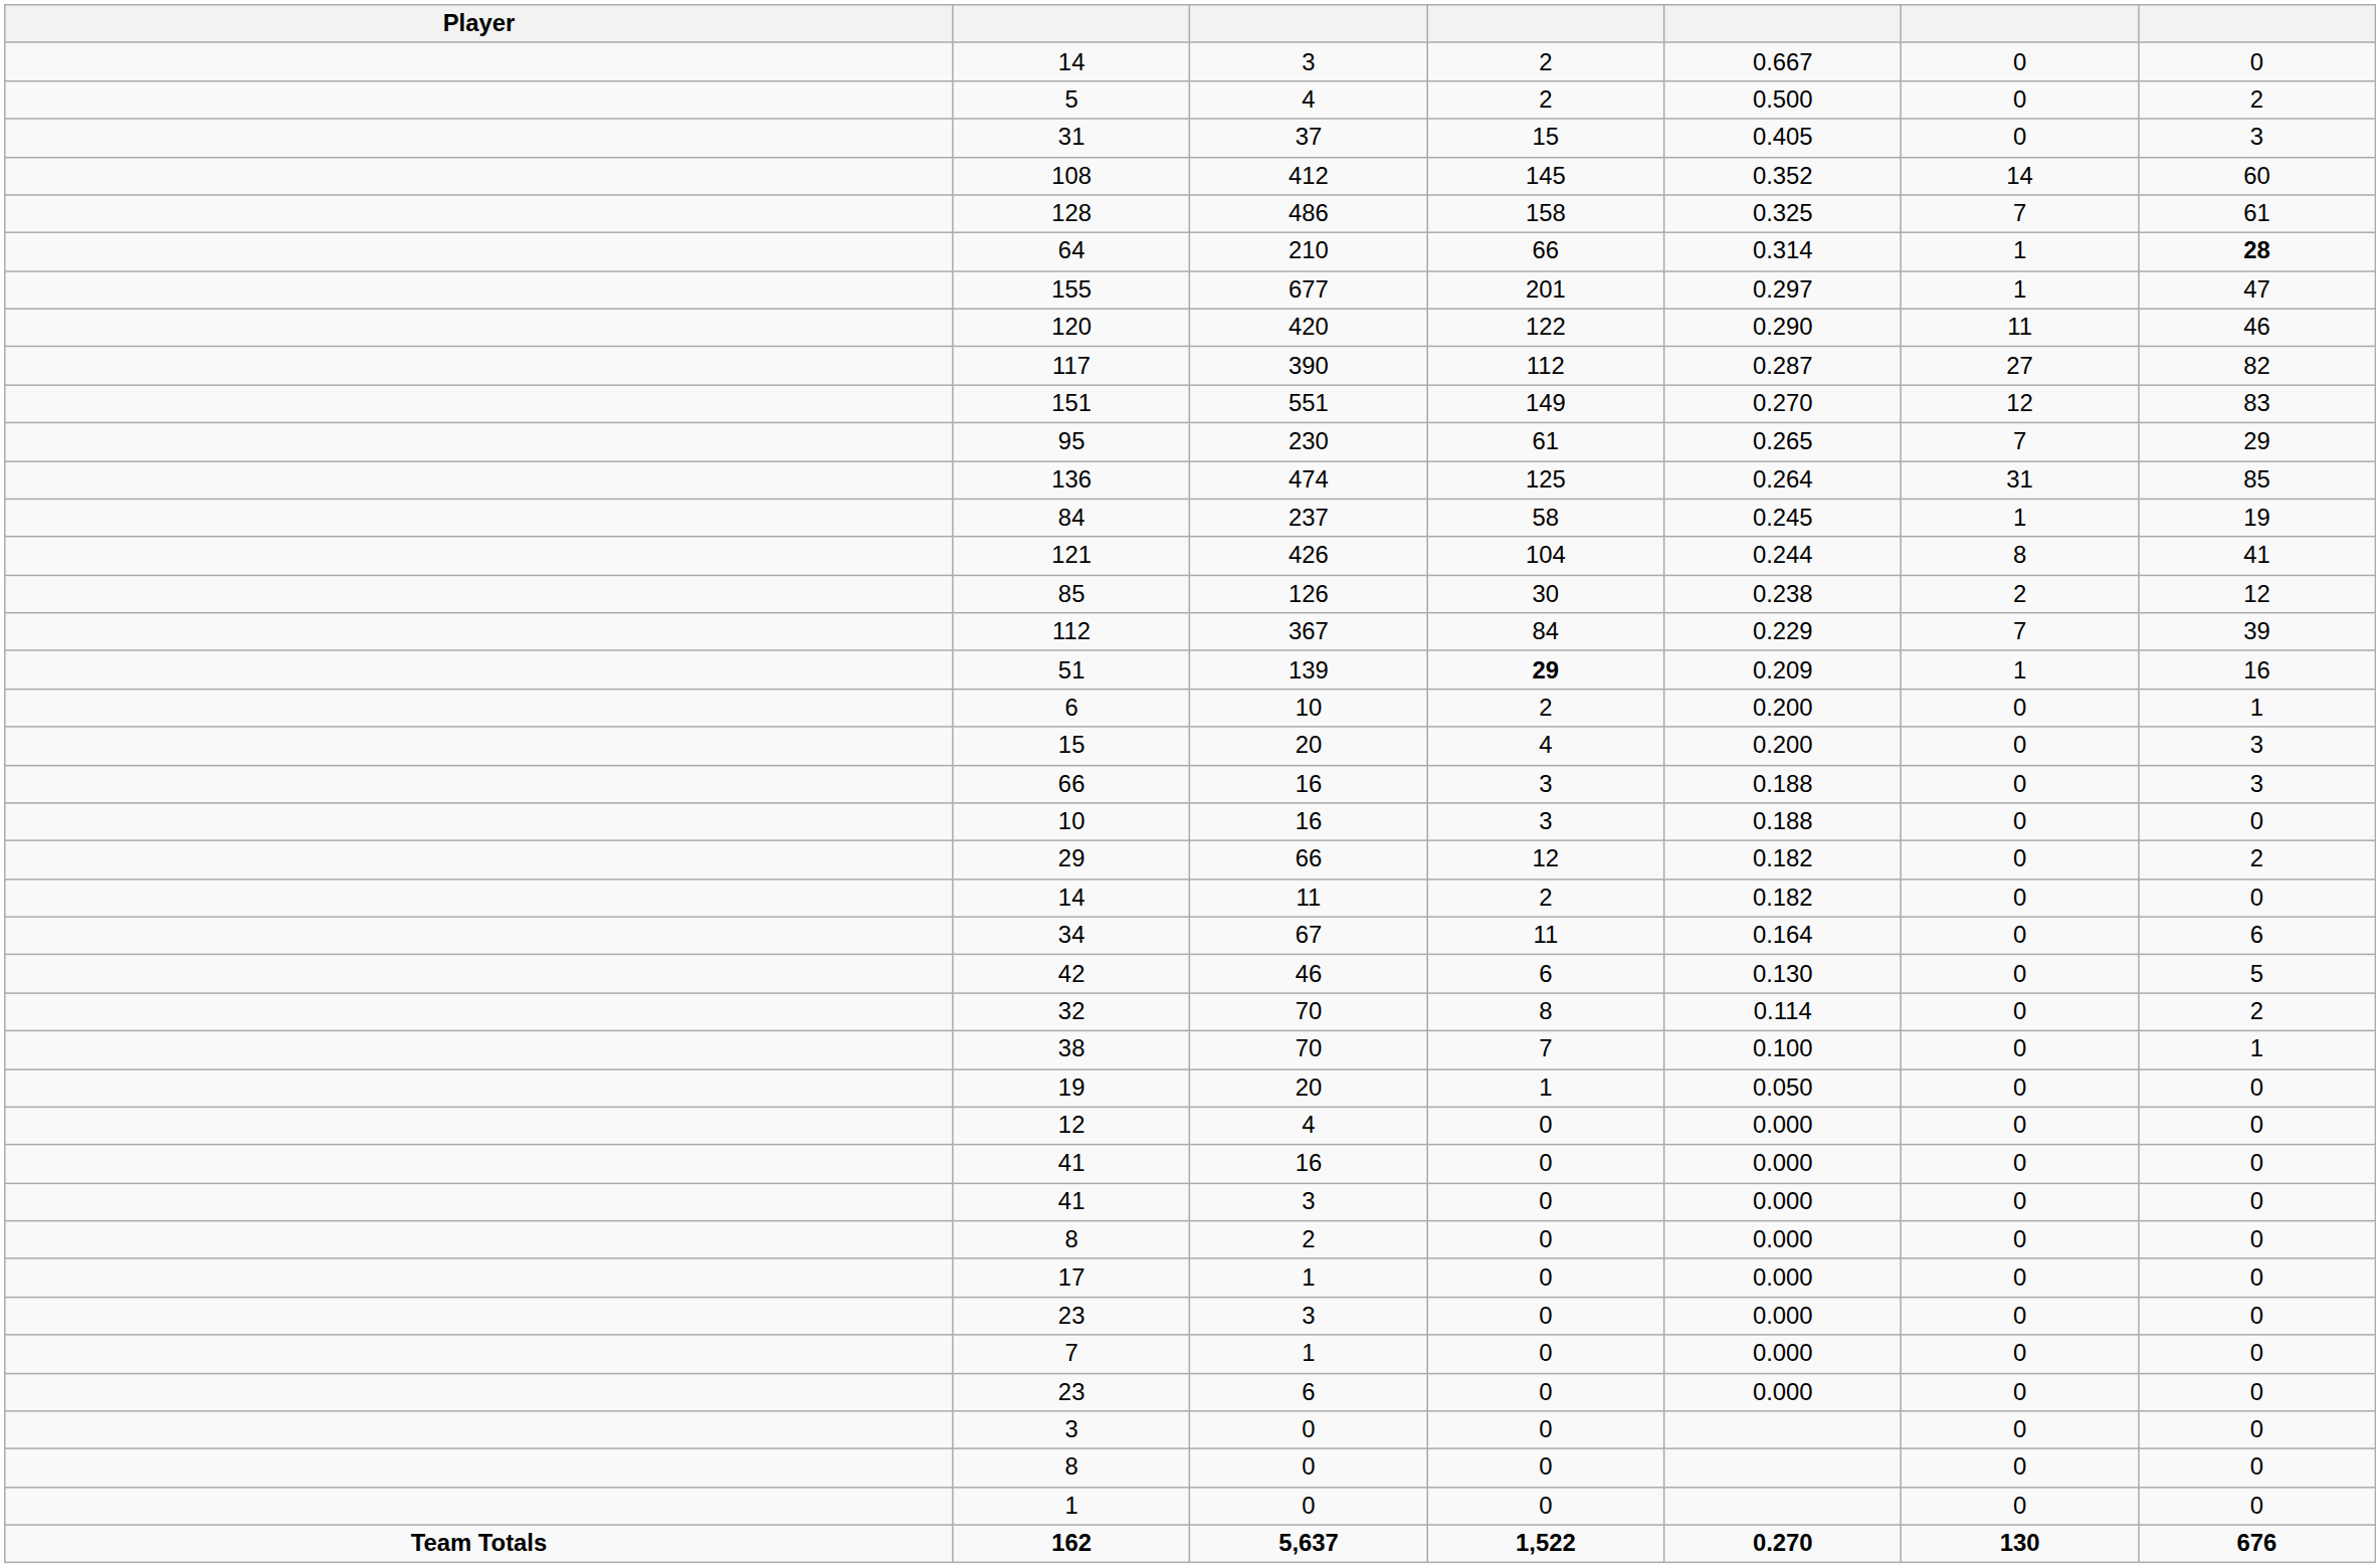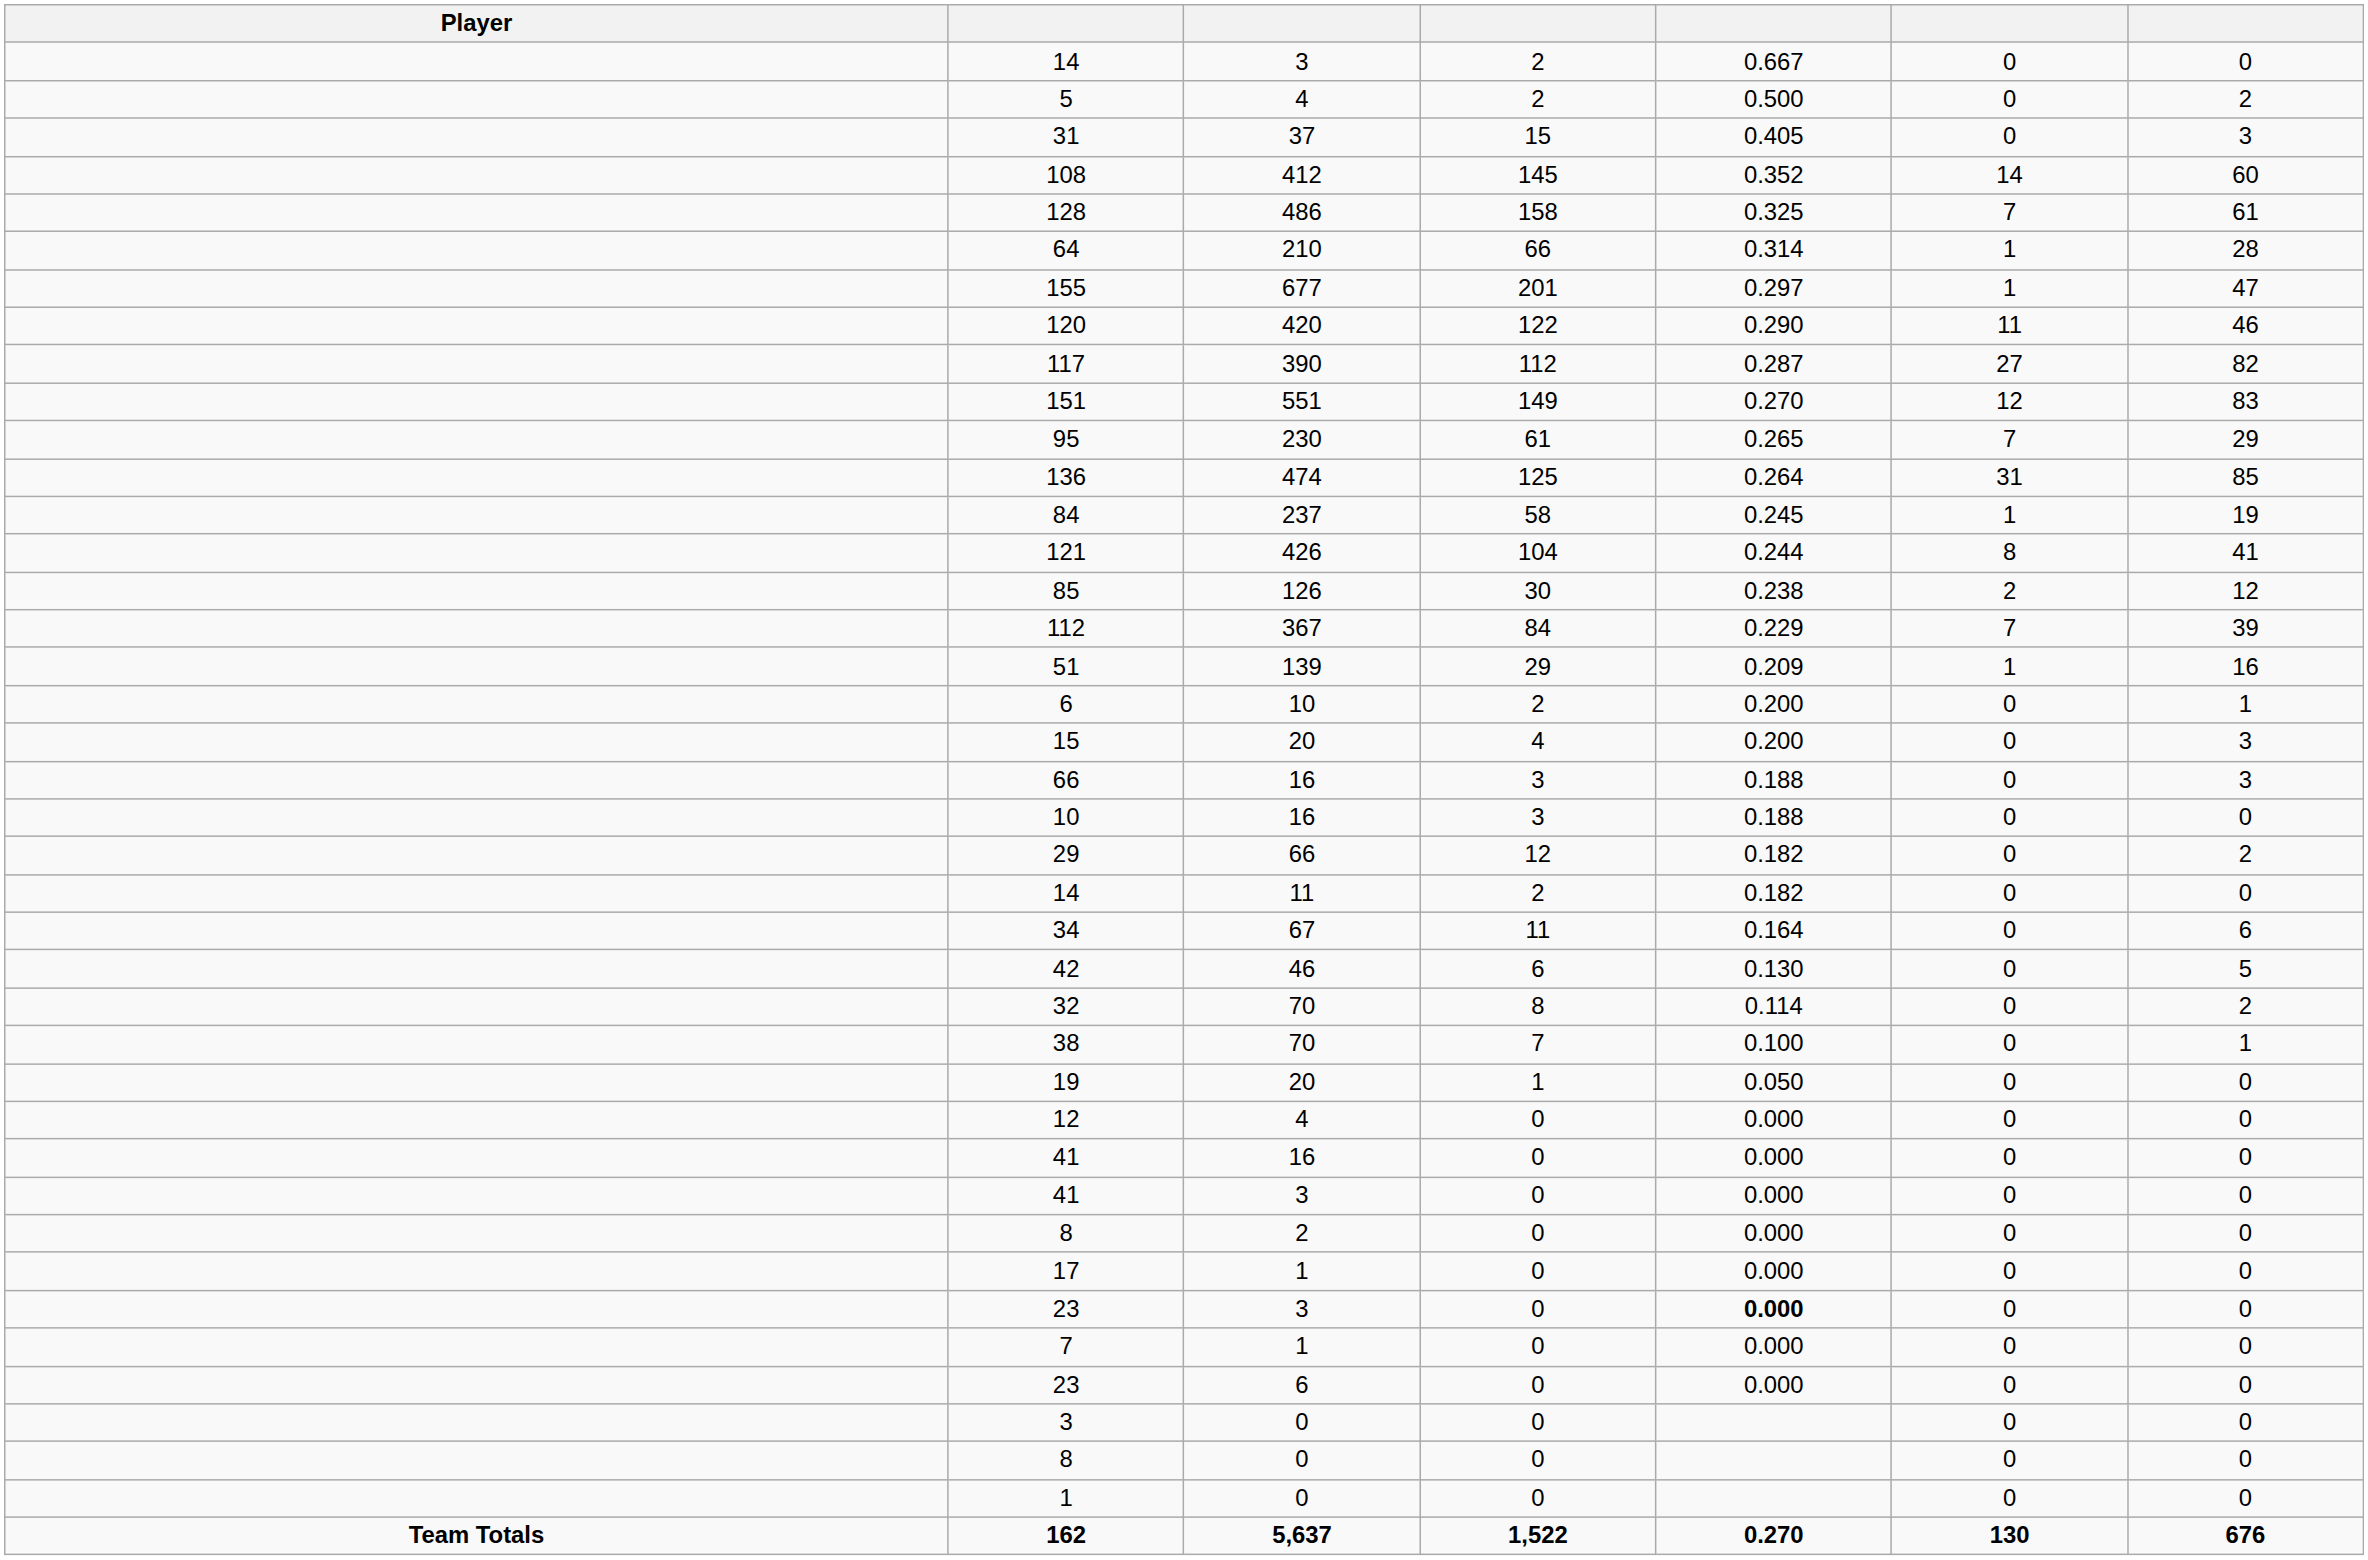 <table class="wikitable sortable" style="text-align:center;" width="100%">
 <tr>
 <th width="40%">Player</th>
 <th width="10%"></th>
 <th width="10%"></th>
 <th width="10%"></th>
 <th width="10%"></th>
 <th width="10%"></th>
 <th width="10%"></th>
 </tr>
 <tr>
 <td></td>
 <td>14</td>
 <td>3</td>
 <td>2</td>
 <td>0.667</td>
 <td>0</td>
 <td>0</td>
 </tr>
 <tr>
 <td></td>
 <td>5</td>
 <td>4</td>
 <td>2</td>
 <td>0.500</td>
 <td>0</td>
 <td>2</td>
 </tr>
 <tr>
 <td></td>
 <td>31</td>
 <td>37</td>
 <td>15</td>
 <td>0.405</td>
 <td>0</td>
 <td>3</td>
 </tr>
 <tr>
 <td></td>
 <td>108</td>
 <td>412</td>
 <td>145</td>
 <td>0.352</td>
 <td>14</td>
 <td>60</td>
 </tr>
 <tr>
 <td></td>
 <td>128</td>
 <td>486</td>
 <td>158</td>
 <td>0.325</td>
 <td>7</td>
 <td>61</td>
 </tr>
 <tr>
 <td></td>
 <td>64</td>
 <td>210</td>
 <td>66</td>
 <td>0.314</td>
 <td>1</td>
-<td><strong>28</strong></td>
+<td>28</td>
 </tr>
 <tr>
 <td></td>
 <td>155</td>
 <td>677</td>
 <td>201</td>
 <td>0.297</td>
 <td>1</td>
 <td>47</td>
 </tr>
 <tr>
 <td></td>
 <td>120</td>
 <td>420</td>
 <td>122</td>
 <td>0.290</td>
 <td>11</td>
 <td>46</td>
 </tr>
 <tr>
 <td></td>
 <td>117</td>
 <td>390</td>
 <td>112</td>
 <td>0.287</td>
 <td>27</td>
 <td>82</td>
 </tr>
 <tr>
 <td></td>
 <td>151</td>
 <td>551</td>
 <td>149</td>
 <td>0.270</td>
 <td>12</td>
 <td>83</td>
 </tr>
 <tr>
 <td></td>
 <td>95</td>
 <td>230</td>
 <td>61</td>
 <td>0.265</td>
 <td>7</td>
 <td>29</td>
 </tr>
 <tr>
 <td></td>
 <td>136</td>
 <td>474</td>
 <td>125</td>
 <td>0.264</td>
 <td>31</td>
 <td>85</td>
 </tr>
 <tr>
 <td></td>
 <td>84</td>
 <td>237</td>
 <td>58</td>
 <td>0.245</td>
 <td>1</td>
 <td>19</td>
 </tr>
 <tr>
 <td></td>
 <td>121</td>
 <td>426</td>
 <td>104</td>
 <td>0.244</td>
 <td>8</td>
 <td>41</td>
 </tr>
 <tr>
 <td></td>
 <td>85</td>
 <td>126</td>
 <td>30</td>
 <td>0.238</td>
 <td>2</td>
 <td>12</td>
 </tr>
 <tr>
 <td></td>
 <td>112</td>
 <td>367</td>
 <td>84</td>
 <td>0.229</td>
 <td>7</td>
 <td>39</td>
 </tr>
 <tr>
 <td></td>
 <td>51</td>
 <td>139</td>
-<td><strong>29</strong></td>
+<td>29</td>
 <td>0.209</td>
 <td>1</td>
 <td>16</td>
 </tr>
 <tr>
 <td></td>
 <td>6</td>
 <td>10</td>
 <td>2</td>
 <td>0.200</td>
 <td>0</td>
 <td>1</td>
 </tr>
 <tr>
 <td></td>
 <td>15</td>
 <td>20</td>
 <td>4</td>
 <td>0.200</td>
 <td>0</td>
 <td>3</td>
 </tr>
 <tr>
 <td></td>
 <td>66</td>
 <td>16</td>
 <td>3</td>
 <td>0.188</td>
 <td>0</td>
 <td>3</td>
 </tr>
 <tr>
 <td></td>
 <td>10</td>
 <td>16</td>
 <td>3</td>
 <td>0.188</td>
 <td>0</td>
 <td>0</td>
 </tr>
 <tr>
 <td></td>
 <td>29</td>
 <td>66</td>
 <td>12</td>
 <td>0.182</td>
 <td>0</td>
 <td>2</td>
 </tr>
 <tr>
 <td></td>
 <td>14</td>
 <td>11</td>
 <td>2</td>
 <td>0.182</td>
 <td>0</td>
 <td>0</td>
 </tr>
 <tr>
 <td></td>
 <td>34</td>
 <td>67</td>
 <td>11</td>
 <td>0.164</td>
 <td>0</td>
 <td>6</td>
 </tr>
 <tr>
 <td></td>
 <td>42</td>
 <td>46</td>
 <td>6</td>
 <td>0.130</td>
 <td>0</td>
 <td>5</td>
 </tr>
 <tr>
 <td></td>
 <td>32</td>
 <td>70</td>
 <td>8</td>
 <td>0.114</td>
 <td>0</td>
 <td>2</td>
 </tr>
 <tr>
 <td></td>
 <td>38</td>
 <td>70</td>
 <td>7</td>
 <td>0.100</td>
 <td>0</td>
 <td>1</td>
 </tr>
 <tr>
 <td></td>
 <td>19</td>
 <td>20</td>
 <td>1</td>
 <td>0.050</td>
 <td>0</td>
 <td>0</td>
 </tr>
 <tr>
 <td></td>
 <td>12</td>
 <td>4</td>
 <td>0</td>
 <td>0.000</td>
 <td>0</td>
 <td>0</td>
 </tr>
 <tr>
 <td></td>
 <td>41</td>
 <td>16</td>
 <td>0</td>
 <td>0.000</td>
 <td>0</td>
 <td>0</td>
 </tr>
 <tr>
 <td></td>
 <td>41</td>
 <td>3</td>
 <td>0</td>
 <td>0.000</td>
 <td>0</td>
 <td>0</td>
 </tr>
 <tr>
 <td></td>
 <td>8</td>
 <td>2</td>
 <td>0</td>
 <td>0.000</td>
 <td>0</td>
 <td>0</td>
 </tr>
 <tr>
 <td></td>
 <td>17</td>
 <td>1</td>
 <td>0</td>
 <td>0.000</td>
 <td>0</td>
 <td>0</td>
 </tr>
 <tr>
 <td></td>
 <td>23</td>
 <td>3</td>
 <td>0</td>
-<td>0.000</td>
+<td><strong>0.000</strong></td>
 <td>0</td>
 <td>0</td>
 </tr>
 <tr>
 <td></td>
 <td>7</td>
 <td>1</td>
 <td>0</td>
 <td>0.000</td>
 <td>0</td>
 <td>0</td>
 </tr>
 <tr>
 <td></td>
 <td>23</td>
 <td>6</td>
 <td>0</td>
 <td>0.000</td>
 <td>0</td>
 <td>0</td>
 </tr>
 <tr>
 <td></td>
 <td>3</td>
 <td>0</td>
 <td>0</td>
 <td></td>
 <td>0</td>
 <td>0</td>
 </tr>
 <tr>
 <td></td>
 <td>8</td>
 <td>0</td>
 <td>0</td>
 <td></td>
 <td>0</td>
 <td>0</td>
 </tr>
 <tr>
 <td></td>
 <td>1</td>
 <td>0</td>
 <td>0</td>
 <td></td>
 <td>0</td>
 <td>0</td>
 </tr>
 <tr>
 <td><strong>Team Totals</strong></td>
 <td><strong>162</strong></td>
 <td><strong>5,637</strong></td>
 <td><strong>1,522</strong></td>
 <td><strong>0.270</strong></td>
 <td><strong>130</strong></td>
 <td><strong>676</strong></td>
 </tr>
 </table>
